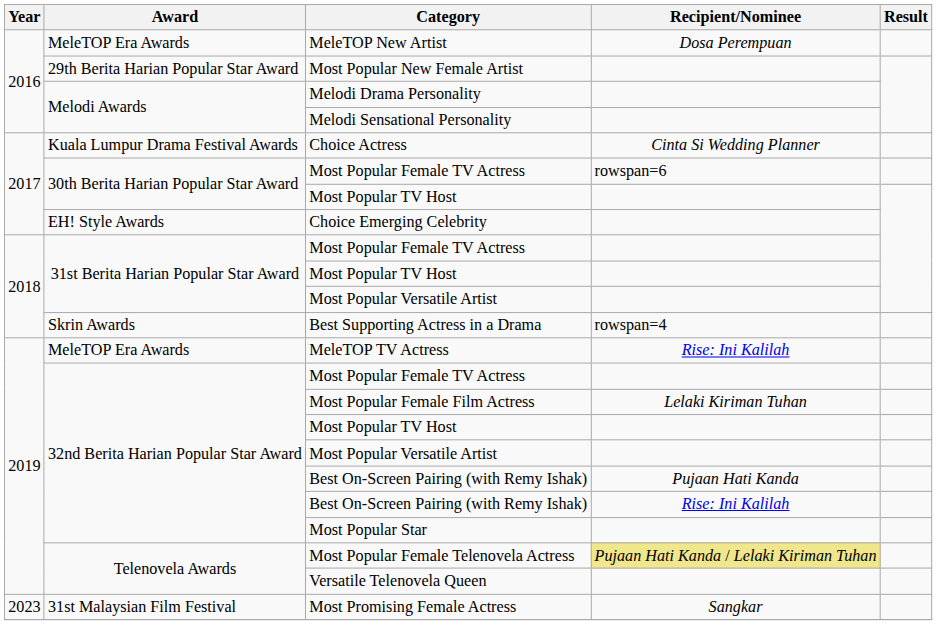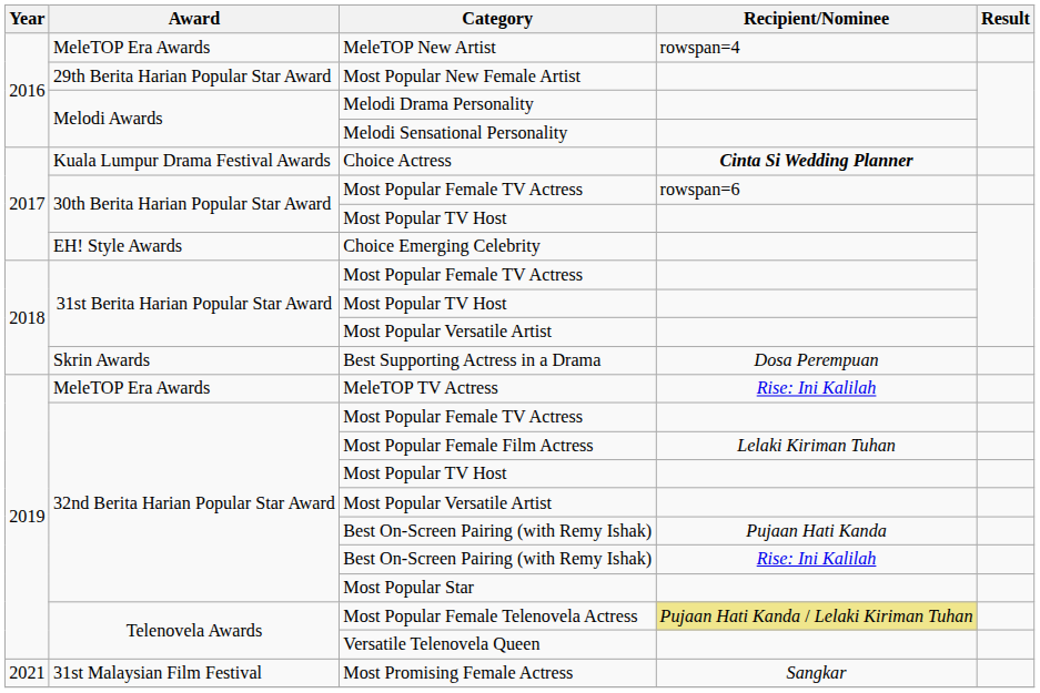 <table class="wikitable">
 <tr>
 <th>Year</th>
 <th>Award</th>
 <th>Category</th>
 <th>Recipient/Nominee</th>
 <th>Result</th>
 </tr>
 <tr>
 <td rowspan="4" style="text-align:center;">2016</td>
 <td>MeleTOP Era Awards</td>
 <td>MeleTOP New Artist</td>
-<td style="text-align:center;"><em>Dosa Perempuan</em></td>
+<td>rowspan=4 </td>
 <td></td>
 </tr>
 <tr>
 <td>29th Berita Harian Popular Star Award</td>
 <td>Most Popular New Female Artist</td>
 <td></td>
 </tr>
 <tr>
 <td rowspan=2>Melodi Awards</td>
 <td>Melodi Drama Personality</td>
 <td></td>
 </tr>
 <tr>
 <td>Melodi Sensational Personality</td>
 <td></td>
 </tr>
 <tr>
 <td rowspan="4" style="text-align:center;">2017</td>
 <td>Kuala Lumpur Drama Festival Awards</td>
 <td>Choice Actress</td>
-<td style="text-align:center;"><em>Cinta Si Wedding Planner</em></td>
+<td style="text-align:center;"><strong><em>Cinta Si Wedding Planner</em></strong></td>
 <td></td>
 </tr>
 <tr>
 <td rowspan=2>30th Berita Harian Popular Star Award</td>
 <td>Most Popular Female TV Actress</td>
 <td>rowspan=6 </td>
 <td></td>
 </tr>
 <tr>
 <td>Most Popular TV Host</td>
 <td></td>
 </tr>
 <tr>
 <td>EH! Style Awards</td>
 <td>Choice Emerging Celebrity</td>
 <td></td>
 </tr>
 <tr>
 <td rowspan=4 style="text-align:center;">2018</td>
 <td rowspan=3 align="center">31st Berita Harian Popular Star Award</td>
 <td>Most Popular Female TV Actress</td>
 <td></td>
 </tr>
 <tr>
 <td>Most Popular TV Host</td>
 <td></td>
 </tr>
 <tr>
 <td>Most Popular Versatile Artist</td>
 <td></td>
 </tr>
 <tr>
 <td>Skrin Awards</td>
 <td>Best Supporting Actress in a Drama</td>
-<td>rowspan=4 </td>
+<td style="text-align:center;"><em>Dosa Perempuan</em></td>
 <td></td>
 </tr>
 <tr>
 <td rowspan="10" style="text-align:center;">2019</td>
 <td>MeleTOP Era Awards</td>
 <td>MeleTOP TV Actress</td>
 <td style="text-align:center;"><em><a href='#'>Rise: Ini Kalilah</a></em></td>
 <td></td>
 </tr>
 <tr>
 <td rowspan=7 align="center">32nd Berita Harian Popular Star Award</td>
 <td>Most Popular Female TV Actress</td>
 <td></td>
 <td></td>
 </tr>
 <tr>
 <td>Most Popular Female Film Actress</td>
 <td style="text-align:center;"><em>Lelaki Kiriman Tuhan</em></td>
 <td></td>
 </tr>
 <tr>
 <td>Most Popular TV Host</td>
 <td></td>
 <td></td>
 </tr>
 <tr>
 <td>Most Popular Versatile Artist</td>
 <td></td>
 <td></td>
 </tr>
 <tr>
 <td>Best On-Screen Pairing (with Remy Ishak)</td>
 <td style="text-align:center;"><em>Pujaan Hati Kanda</em></td>
 <td></td>
 </tr>
 <tr>
 <td>Best On-Screen Pairing (with Remy Ishak)</td>
 <td style="text-align:center;"><em><a href='#'>Rise: Ini Kalilah</a></em></td>
 <td></td>
 </tr>
 <tr>
 <td>Most Popular Star</td>
 <td></td>
 <td></td>
 </tr>
 <tr>
 <td rowspan="2" align="center">Telenovela Awards</td>
 <td>Most Popular Female Telenovela Actress</td>
 <td style="background: khaki; text-align:center;"><em>Pujaan Hati Kanda</em> / <em>Lelaki Kiriman Tuhan</em></td>
 <td></td>
 </tr>
 <tr>
 <td>Versatile Telenovela Queen</td>
 <td></td>
 <td></td>
 </tr>
 <tr>
-<td style="text-align:center;">2023</td>
+<td style="text-align:center;">2021</td>
 <td>31st Malaysian Film Festival</td>
 <td>Most Promising Female Actress</td>
 <td style="text-align:center;"><em>Sangkar</em></td>
 <td></td>
 </tr>
 <tr>
 </tr>
 </table>
